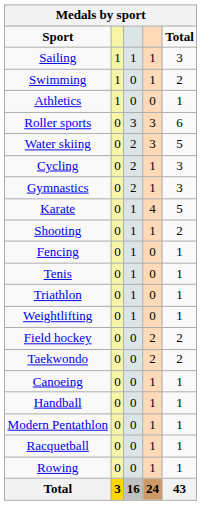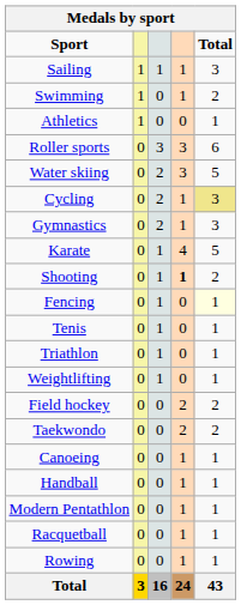 <table class="wikitable" style="font-size:85%; float:right;">
 <tr style="background:#efefef;">
 <th colspan=7><strong>Medals by sport</strong></th>
 </tr>
 <tr align=center>
 <td><strong>Sport</strong></td>
 <td style="background:#f7f6a8;"></td>
 <td style="background:#dce5e5;"></td>
 <td style="background:#ffdab9;"></td>
 <td><strong>Total</strong></td>
 </tr>
 <tr align=center>
 <td><a href='#'>Sailing</a></td>
 <td style="background:#f7f6a8;">1</td>
 <td style="background:#dce5e5;">1</td>
 <td style="background:#ffdab9;">1</td>
 <td>3</td>
 </tr>
 <tr align=center>
 <td><a href='#'>Swimming</a></td>
 <td style="background:#f7f6a8;">1</td>
 <td style="background:#dce5e5;">0</td>
 <td style="background:#ffdab9;">1</td>
 <td>2</td>
 </tr>
 <tr align=center>
 <td><a href='#'>Athletics</a></td>
 <td style="background:#f7f6a8;">1</td>
 <td style="background:#dce5e5;">0</td>
 <td style="background:#ffdab9;">0</td>
 <td>1</td>
 </tr>
 <tr align=center>
 <td><a href='#'>Roller sports</a></td>
 <td style="background:#f7f6a8;">0</td>
 <td style="background:#dce5e5;">3</td>
 <td style="background:#ffdab9;">3</td>
 <td>6</td>
 </tr>
 <tr align=center>
 <td><a href='#'>Water skiing</a></td>
 <td style="background:#f7f6a8;">0</td>
 <td style="background:#dce5e5;">2</td>
 <td style="background:#ffdab9;">3</td>
 <td>5</td>
 </tr>
 <tr align=center>
 <td><a href='#'>Cycling</a></td>
 <td style="background:#f7f6a8;">0</td>
 <td style="background:#dce5e5;">2</td>
 <td style="background:#ffdab9;">1</td>
-<td>3</td>
+<td style="background: khaki;">3</td>
 </tr>
 <tr align=center>
 <td><a href='#'>Gymnastics</a></td>
 <td style="background:#f7f6a8;">0</td>
 <td style="background:#dce5e5;">2</td>
 <td style="background:#ffdab9;">1</td>
 <td>3</td>
 </tr>
 <tr align=center>
 <td><a href='#'>Karate</a></td>
 <td style="background:#f7f6a8;">0</td>
 <td style="background:#dce5e5;">1</td>
 <td style="background:#ffdab9;">4</td>
 <td>5</td>
 </tr>
 <tr align=center>
 <td><a href='#'>Shooting</a></td>
 <td style="background:#f7f6a8;">0</td>
 <td style="background:#dce5e5;">1</td>
-<td style="background:#ffdab9;">1</td>
+<td style="background:#ffdab9;"><strong>1</strong></td>
 <td>2</td>
 </tr>
 <tr align=center>
 <td><a href='#'>Fencing</a></td>
 <td style="background:#f7f6a8;">0</td>
 <td style="background:#dce5e5;">1</td>
 <td style="background:#ffdab9;">0</td>
-<td>1</td>
+<td style="background: lightyellow;">1</td>
 </tr>
 <tr align=center>
 <td><a href='#'>Tenis</a></td>
 <td style="background:#f7f6a8;">0</td>
 <td style="background:#dce5e5;">1</td>
 <td style="background:#ffdab9;">0</td>
 <td>1</td>
 </tr>
 <tr align=center>
 <td><a href='#'>Triathlon</a></td>
 <td style="background:#f7f6a8;">0</td>
 <td style="background:#dce5e5;">1</td>
 <td style="background:#ffdab9;">0</td>
 <td>1</td>
 </tr>
 <tr align=center>
 <td><a href='#'>Weightlifting</a></td>
 <td style="background:#f7f6a8;">0</td>
 <td style="background:#dce5e5;">1</td>
 <td style="background:#ffdab9;">0</td>
 <td>1</td>
 </tr>
 <tr align=center>
 <td><a href='#'>Field hockey</a></td>
 <td style="background:#f7f6a8;">0</td>
 <td style="background:#dce5e5;">0</td>
 <td style="background:#ffdab9;">2</td>
 <td>2</td>
 </tr>
 <tr align=center>
 <td><a href='#'>Taekwondo</a></td>
 <td style="background:#f7f6a8;">0</td>
 <td style="background:#dce5e5;">0</td>
 <td style="background:#ffdab9;">2</td>
 <td>2</td>
 </tr>
 <tr align=center>
 <td><a href='#'>Canoeing</a></td>
 <td style="background:#f7f6a8;">0</td>
 <td style="background:#dce5e5;">0</td>
 <td style="background:#ffdab9;">1</td>
 <td>1</td>
 </tr>
 <tr align=center>
 <td><a href='#'>Handball</a></td>
 <td style="background:#f7f6a8;">0</td>
 <td style="background:#dce5e5;">0</td>
 <td style="background:#ffdab9;">1</td>
 <td>1</td>
 </tr>
 <tr align=center>
 <td><a href='#'>Modern Pentathlon</a></td>
 <td style="background:#f7f6a8;">0</td>
 <td style="background:#dce5e5;">0</td>
 <td style="background:#ffdab9;">1</td>
 <td>1</td>
 </tr>
 <tr align=center>
 <td><a href='#'>Racquetball</a></td>
 <td style="background:#f7f6a8;">0</td>
 <td style="background:#dce5e5;">0</td>
 <td style="background:#ffdab9;">1</td>
 <td>1</td>
 </tr>
 <tr align=center>
 <td><a href='#'>Rowing</a></td>
 <td style="background:#f7f6a8;">0</td>
 <td style="background:#dce5e5;">0</td>
 <td style="background:#ffdab9;">1</td>
 <td>1</td>
 </tr>
 <tr align=center>
 <th><strong>Total</strong></th>
 <th style="background:gold;"><strong>3</strong></th>
 <th style="background:silver;"><strong>16</strong></th>
 <th style="background:#c96;"><strong>24</strong></th>
 <th><strong>43</strong></th>
 </tr>
 </table>
